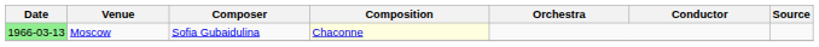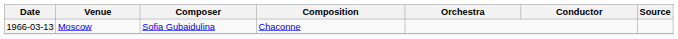 <table class="wikitable" style="font-size:90%">
 <tr>
 <th>Date</th>
 <th width=125px>Venue</th>
 <th width=175px>Composer</th>
 <th width=225px>Composition</th>
 <th width=175px>Orchestra</th>
 <th width=175px>Conductor</th>
 <th>Source</th>
 </tr>
 <tr>
-<td style="background: lightgreen;">1966-03-13</td>
+<td>1966-03-13</td>
 <td><a href='#'>Moscow</a></td>
 <td><a href='#'>Sofia Gubaidulina</a></td>
-<td style="background: lightyellow;"><a href='#'>Chaconne</a></td>
+<td><a href='#'>Chaconne</a></td>
 <td colspan=2></td>
 <td></td>
 </tr>
 <tr>
 </tr>
 </table>
